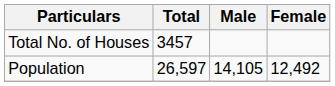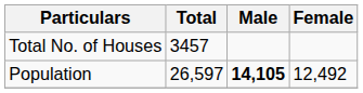 <table class="wikitable sortable">
 <tr>
 <th>Particulars</th>
 <th>Total</th>
 <th>Male</th>
 <th>Female</th>
 </tr>
 <tr>
 <td>Total No. of Houses</td>
 <td>3457</td>
 <td></td>
 <td></td>
 </tr>
 <tr>
 <td>Population</td>
 <td>26,597</td>
-<td>14,105</td>
+<td><strong>14,105</strong></td>
 <td>12,492</td>
 </tr>
 <tr>
 </tr>
 </table>
